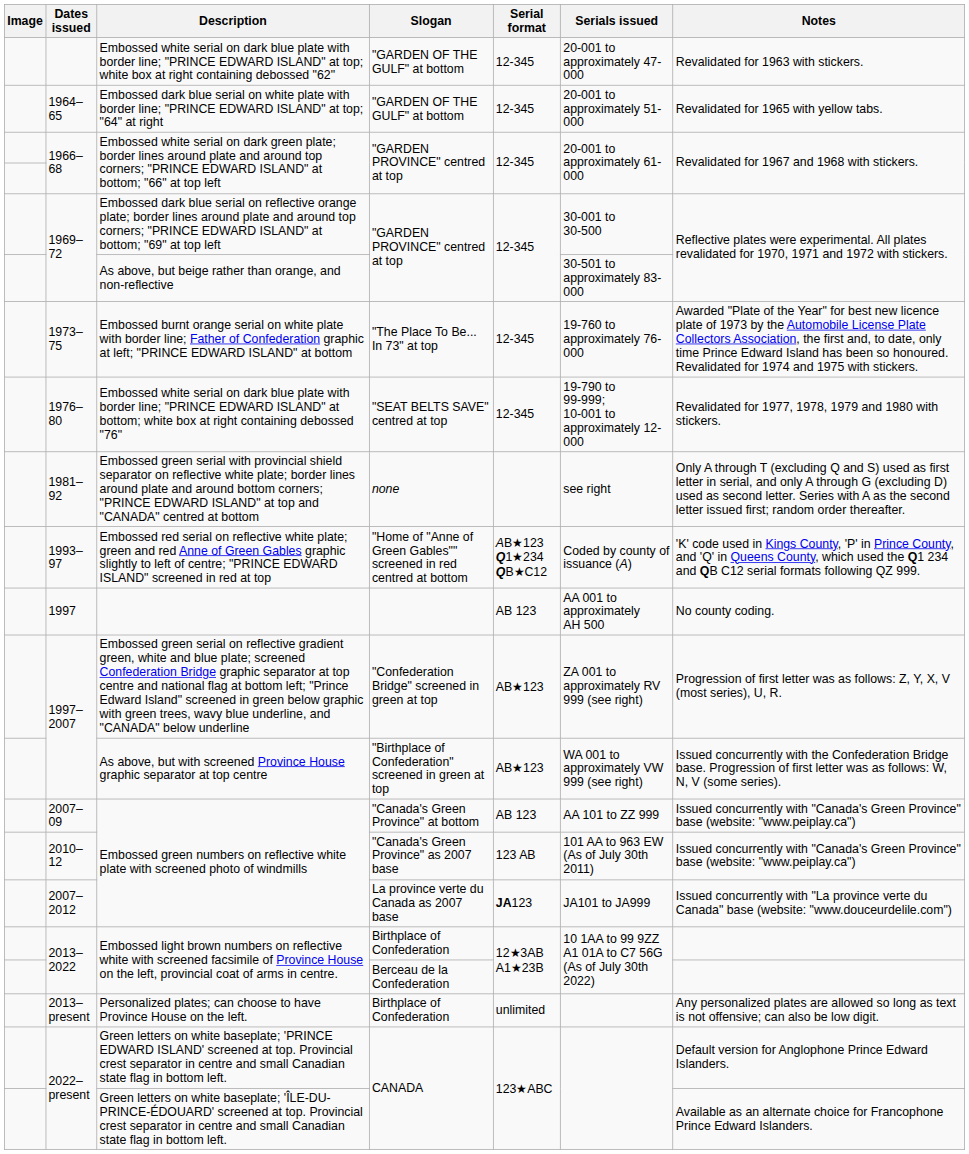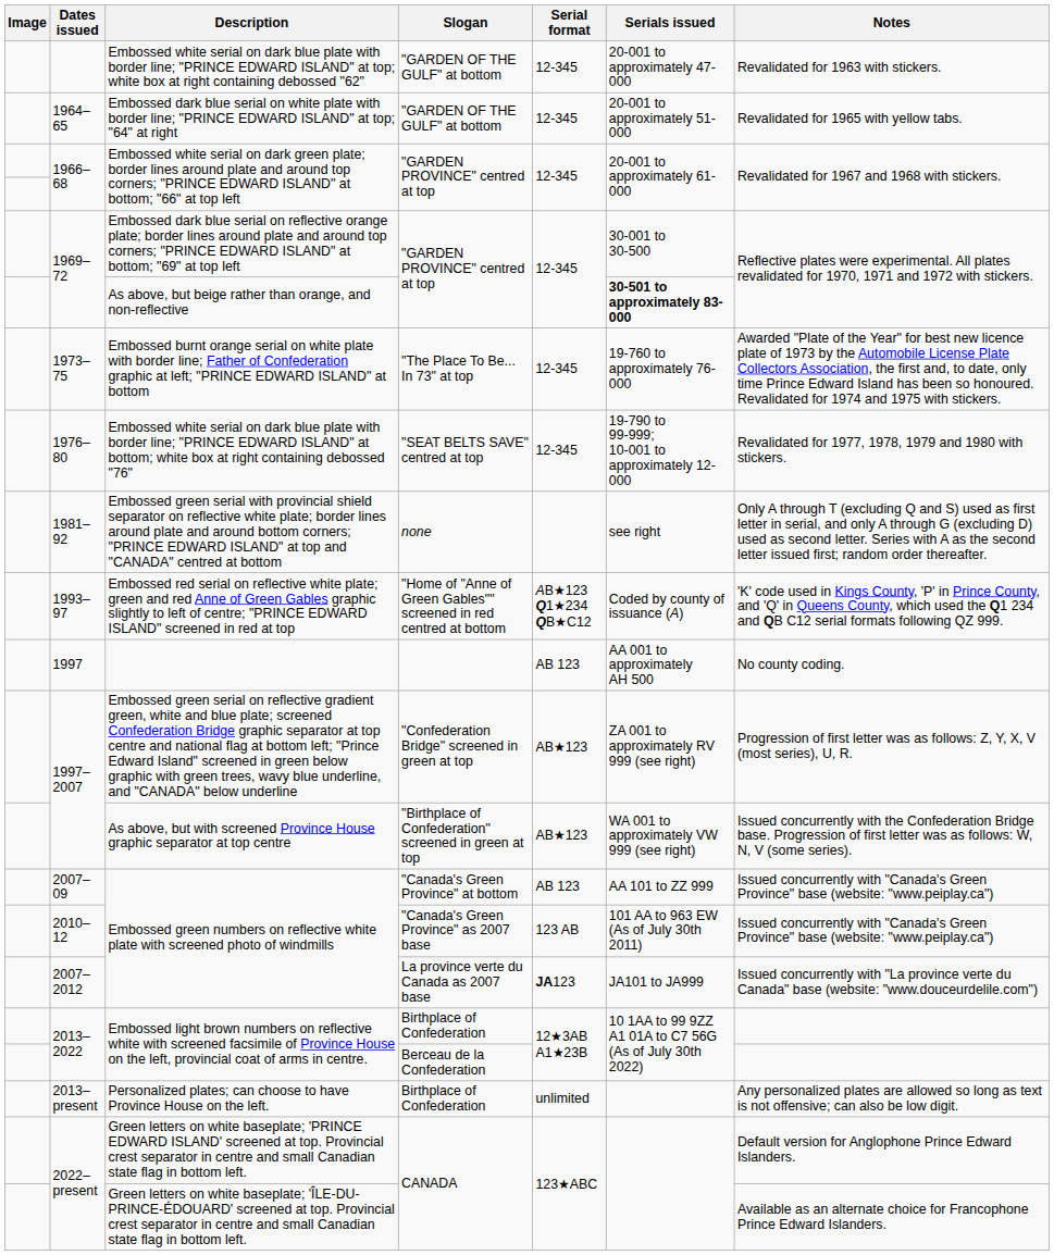 <table class="wikitable">
 <tr>
 <th>Image</th>
 <th>Dates issued</th>
 <th>Description</th>
 <th>Slogan</th>
 <th>Serial format</th>
 <th>Serials issued</th>
 <th>Notes</th>
 </tr>
 <tr>
 <td></td>
 <td></td>
 <td>Embossed white serial on dark blue plate with border line; "PRINCE EDWARD ISLAND" at top; white box at right containing debossed "62"</td>
 <td>"GARDEN OF THE GULF" at bottom</td>
 <td>12-345</td>
 <td>20-001 to approximately 47-000</td>
 <td>Revalidated for 1963 with stickers.</td>
 </tr>
 <tr>
 <td></td>
 <td>1964–65</td>
 <td>Embossed dark blue serial on white plate with border line; "PRINCE EDWARD ISLAND" at top; "64" at right</td>
 <td>"GARDEN OF THE GULF" at bottom</td>
 <td>12-345</td>
 <td>20-001 to approximately 51-000</td>
 <td>Revalidated for 1965 with yellow tabs.</td>
 </tr>
 <tr>
 <td></td>
 <td rowspan="2">1966–68</td>
 <td rowspan="2">Embossed white serial on dark green plate; border lines around plate and around top corners; "PRINCE EDWARD ISLAND" at bottom; "66" at top left</td>
 <td rowspan="2">"GARDEN PROVINCE" centred at top</td>
 <td rowspan="2">12-345</td>
 <td rowspan="2">20-001 to approximately 61-000</td>
 <td rowspan="2">Revalidated for 1967 and 1968 with stickers.</td>
 </tr>
 <tr>
 <td></td>
 </tr>
 <tr>
 <td></td>
 <td rowspan="2">1969–72</td>
 <td>Embossed dark blue serial on reflective orange plate; border lines around plate and around top corners; "PRINCE EDWARD ISLAND" at bottom; "69" at top left</td>
 <td rowspan="2">"GARDEN PROVINCE" centred at top</td>
 <td rowspan="2">12-345</td>
 <td>30-001 to<br>30-500</td>
 <td rowspan="2">Reflective plates were experimental. All plates revalidated for 1970, 1971 and 1972 with stickers.</td>
 </tr>
 <tr>
 <td></td>
 <td>As above, but beige rather than orange, and non-reflective</td>
-<td>30-501 to approximately 83-000</td>
+<td><strong>30-501 to approximately 83-000</strong></td>
 </tr>
 <tr>
 <td></td>
 <td>1973–75</td>
 <td>Embossed burnt orange serial on white plate with border line; <a href='#'>Father of Confederation</a> graphic at left; "PRINCE EDWARD ISLAND" at bottom</td>
 <td>"The Place To Be... In 73" at top</td>
 <td>12-345</td>
 <td>19-760 to approximately 76-000</td>
 <td>Awarded "Plate of the Year" for best new licence plate of 1973 by the <a href='#'>Automobile License Plate Collectors Association</a>, the first and, to date, only time Prince Edward Island has been so honoured. Revalidated for 1974 and 1975 with stickers.</td>
 </tr>
 <tr>
 <td></td>
 <td>1976–80</td>
 <td>Embossed white serial on dark blue plate with border line; "PRINCE EDWARD ISLAND" at bottom; white box at right containing debossed "76"</td>
 <td>"SEAT BELTS SAVE" centred at top</td>
 <td>12-345</td>
 <td>19-790 to<br>99-999;<br>10-001 to approximately 12-000</td>
 <td>Revalidated for 1977, 1978, 1979 and 1980 with stickers.</td>
 </tr>
 <tr>
 <td></td>
 <td>1981–92</td>
 <td>Embossed green serial with provincial shield separator on reflective white plate; border lines around plate and around bottom corners; "PRINCE EDWARD ISLAND" at top and "CANADA" centred at bottom</td>
 <td><em>none</em></td>
 <td></td>
 <td>see right</td>
 <td>Only A through T (excluding Q and S) used as first letter in serial, and only A through G (excluding D) used as second letter. Series with A as the second letter issued first; random order thereafter.</td>
 </tr>
 <tr>
 <td></td>
 <td>1993–97</td>
 <td>Embossed red serial on reflective white plate; green and red <a href='#'>Anne of Green Gables</a> graphic slightly to left of centre; "PRINCE EDWARD ISLAND" screened in red at top</td>
 <td>"Home of "Anne of Green Gables"" screened in red centred at bottom</td>
 <td><em>A</em>B★123<br><strong><em>Q</em></strong>1★234<br><strong><em>Q</em></strong>B★C12</td>
 <td>Coded by county of issuance (<em>A</em>)</td>
 <td>'K' code used in <a href='#'>Kings County</a>, 'P' in <a href='#'>Prince County</a>, and 'Q' in <a href='#'>Queens County</a>, which used the <strong>Q</strong>1 234 and <strong>Q</strong>B C12 serial formats following QZ 999.</td>
 </tr>
 <tr>
 <td></td>
 <td>1997</td>
 <td></td>
 <td></td>
 <td>AB 123</td>
 <td>AA 001 to approximately AH 500</td>
 <td>No county coding.</td>
 </tr>
 <tr>
 <td></td>
 <td rowspan="2">1997–2007</td>
 <td>Embossed green serial on reflective gradient green, white and blue plate; screened <a href='#'>Confederation Bridge</a> graphic separator at top centre and national flag at bottom left; "Prince Edward Island" screened in green below graphic with green trees, wavy blue underline, and "CANADA" below underline</td>
 <td>"Confederation Bridge" screened in green at top</td>
 <td>AB★123</td>
 <td>ZA 001 to approximately RV 999 (see right)</td>
 <td>Progression of first letter was as follows: Z, Y, X, V (most series), U, R.</td>
 </tr>
 <tr>
 <td></td>
 <td>As above, but with screened <a href='#'>Province House</a> graphic separator at top centre</td>
 <td>"Birthplace of Confederation" screened in green at top</td>
 <td>AB★123</td>
 <td>WA 001 to approximately VW 999 (see right)</td>
 <td>Issued concurrently with the Confederation Bridge base. Progression of first letter was as follows: W, N, V (some series).</td>
 </tr>
 <tr>
 <td></td>
 <td>2007–09</td>
 <td rowspan="3">Embossed green numbers on reflective white plate with screened photo of windmills</td>
 <td>"Canada's Green Province" at bottom</td>
 <td>AB 123</td>
 <td>AA 101 to ZZ 999</td>
 <td>Issued concurrently with "Canada's Green Province" base (website: "www.peiplay.ca")</td>
 </tr>
 <tr>
 <td></td>
 <td>2010–12</td>
 <td>"Canada's Green Province" as 2007 base</td>
 <td>123 AB</td>
 <td>101 AA to 963 EW (As of July 30th 2011)</td>
 <td>Issued concurrently with "Canada's Green Province" base (website: "www.peiplay.ca")</td>
 </tr>
 <tr>
 <td></td>
 <td>2007–2012</td>
 <td>La province verte du Canada as 2007 base</td>
 <td><strong>JA</strong>123</td>
 <td>JA101 to JA999</td>
 <td>Issued concurrently with "La province verte du Canada" base (website: "www.douceurdelile.com")</td>
 </tr>
 <tr>
 <td></td>
 <td rowspan="2">2013–2022</td>
 <td rowspan="2">Embossed light brown numbers on reflective white with screened facsimile of <a href='#'>Province House</a> on the left, provincial coat of arms in centre.</td>
 <td>Birthplace of Confederation</td>
 <td rowspan="2">12★3AB A1★23B</td>
 <td rowspan="2">10 1AA to 99 9ZZ A1 01A to C7 56G (As of July 30th 2022)</td>
 <td></td>
 </tr>
 <tr>
 <td></td>
 <td>Berceau de la Confederation</td>
 <td></td>
 </tr>
 <tr>
 <td></td>
 <td>2013–present</td>
 <td>Personalized plates; can choose to have Province House on the left.</td>
 <td>Birthplace of Confederation</td>
 <td>unlimited</td>
 <td></td>
 <td>Any personalized plates are allowed so long as text is not offensive; can also be low digit.</td>
 </tr>
 <tr>
 <td></td>
 <td rowspan="2">2022–present</td>
 <td>Green letters on white baseplate; 'PRINCE EDWARD ISLAND' screened at top. Provincial crest separator in centre and small Canadian state flag in bottom left.</td>
 <td rowspan="2">CANADA</td>
 <td rowspan="2">123★ABC</td>
 <td rowspan="2"></td>
 <td>Default version for Anglophone Prince Edward Islanders.</td>
 </tr>
 <tr>
 <td></td>
 <td>Green letters on white baseplate; 'ÎLE-DU-PRINCE-ÉDOUARD' screened at top. Provincial crest separator in centre and small Canadian state flag in bottom left.</td>
 <td>Available as an alternate choice for Francophone Prince Edward Islanders.</td>
 </tr>
 </table>
